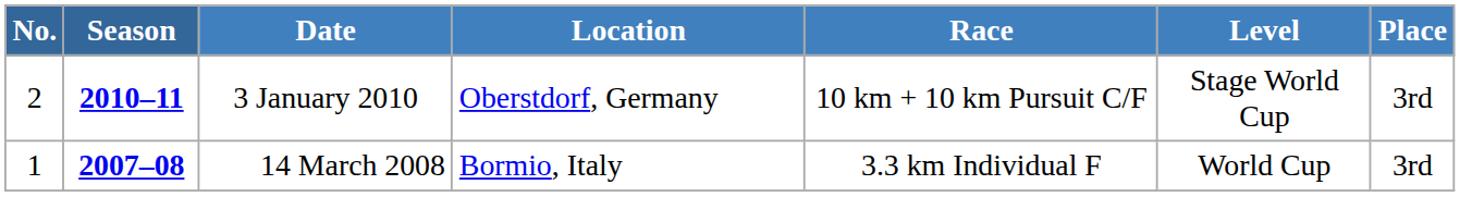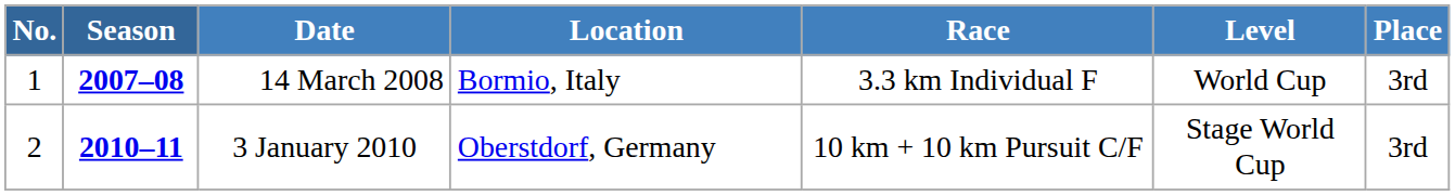 <table class="wikitable sortable" style="font-size:95%; text-align:center; border:grey solid 1px; border-collapse:collapse; background:#ffffff;">
 <tr style="background:#efefef;">
 <th style="background-color:#369; color:white;">No.</th>
 <th style="background-color:#369; color:white;">Season</th>
 <th style="background-color:#4180be; color:white; width:120px;">Date</th>
 <th style="background-color:#4180be; color:white; width:170px;">Location</th>
 <th style="background-color:#4180be; color:white; width:170px;">Race</th>
 <th style="background-color:#4180be; color:white; width:100px;">Level</th>
 <th style="background-color:#4180be; color:white;">Place</th>
 </tr>
 <tr>
+<td align=center>1</td>
+<td rowspan=1 align=center><strong> <a href='#'>2007–08</a> </strong></td>
+<td align=right>14 March 2008</td>
+<td align=left> <a href='#'>Bormio</a>, Italy</td>
+<td>3.3 km Individual F</td>
+<td>World Cup</td>
+<td>3rd</td>
+</tr>
+<tr>
 <td align=center>2</td>
 <td rowspan=1 align=center><strong><a href='#'>2010–11</a></strong></td>
 <td>3 January 2010</td>
 <td align=left> <a href='#'>Oberstdorf</a>, Germany</td>
 <td>10 km + 10 km Pursuit C/F</td>
 <td>Stage World Cup</td>
 <td>3rd</td>
 </tr>
-<tr>
-<td align=center>1</td>
-<td rowspan=1 align=center><strong> <a href='#'>2007–08</a> </strong></td>
-<td align=right>14 March 2008</td>
-<td align=left> <a href='#'>Bormio</a>, Italy</td>
-<td>3.3 km Individual F</td>
-<td>World Cup</td>
-<td>3rd</td>
-</tr>
 </table>
